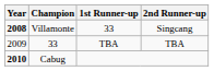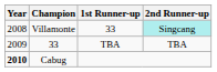 <table class="wikitable sortable" style="text-align:center; font-size:68%;">
 <tr>
 <th>Year</th>
 <th>Champion</th>
 <th>1st Runner-up</th>
 <th>2nd Runner-up</th>
 </tr>
 <tr>
-<td><strong>2008</strong></td>
+<td>2008</td>
 <td>Villamonte</td>
 <td>33</td>
-<td>Singcang</td>
+<td style="background: paleturquoise;">Singcang</td>
 </tr>
 <tr>
 <td>2009</td>
 <td>33</td>
 <td>TBA</td>
 <td>TBA</td>
 </tr>
 <tr>
 <td><strong>2010</strong></td>
 <td>Cabug</td>
 </tr>
 </table>
